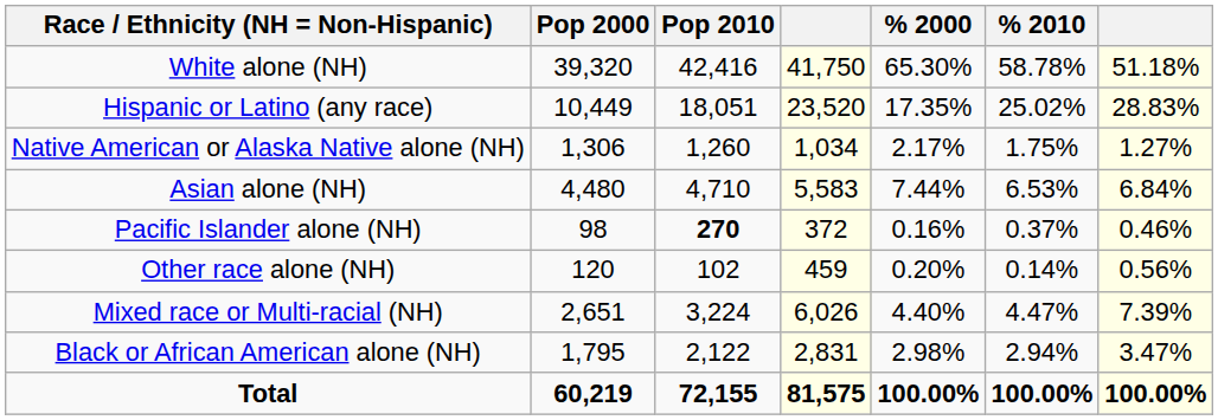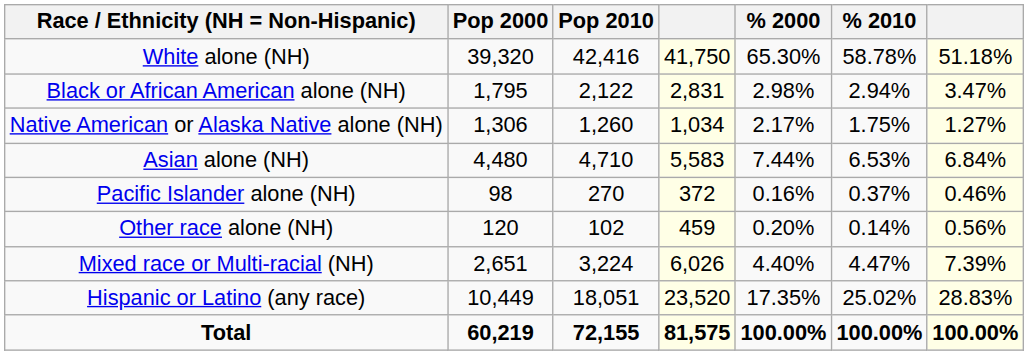 <table class="wikitable" style="text-align:center;">
 <tr>
 <th>Race / Ethnicity (NH = Non-Hispanic)</th>
 <th>Pop 2000</th>
 <th>Pop 2010</th>
 <th></th>
 <th>% 2000</th>
 <th>% 2010</th>
 <th></th>
 </tr>
 <tr>
 <td><a href='#'>White</a> alone (NH)</td>
 <td>39,320</td>
 <td>42,416</td>
 <td style='background: #ffffe6;'>41,750</td>
 <td>65.30%</td>
 <td>58.78%</td>
 <td style='background: #ffffe6;'>51.18%</td>
 </tr>
 <tr>
-<td><a href='#'>Hispanic or Latino</a> (any race)</td>
-<td>10,449</td>
-<td>18,051</td>
-<td style='background: #ffffe6;'>23,520</td>
-<td>17.35%</td>
-<td>25.02%</td>
-<td style='background: #ffffe6;'>28.83%</td>
+<td><a href='#'>Black or African American</a> alone (NH)</td>
+<td>1,795</td>
+<td>2,122</td>
+<td style='background: #ffffe6;'>2,831</td>
+<td>2.98%</td>
+<td>2.94%</td>
+<td style='background: #ffffe6;'>3.47%</td>
 </tr>
 <tr>
 <td><a href='#'>Native American</a> or <a href='#'>Alaska Native</a> alone (NH)</td>
 <td>1,306</td>
 <td>1,260</td>
 <td style='background: #ffffe6;'>1,034</td>
 <td>2.17%</td>
 <td>1.75%</td>
 <td style='background: #ffffe6;'>1.27%</td>
 </tr>
 <tr>
 <td><a href='#'>Asian</a> alone (NH)</td>
 <td>4,480</td>
 <td>4,710</td>
 <td style='background: #ffffe6;'>5,583</td>
 <td>7.44%</td>
 <td>6.53%</td>
 <td style='background: #ffffe6;'>6.84%</td>
 </tr>
 <tr>
 <td><a href='#'>Pacific Islander</a> alone (NH)</td>
 <td>98</td>
-<td><strong>270</strong></td>
+<td>270</td>
 <td style='background: #ffffe6;'>372</td>
 <td>0.16%</td>
 <td>0.37%</td>
 <td style='background: #ffffe6;'>0.46%</td>
 </tr>
 <tr>
 <td><a href='#'>Other race</a> alone (NH)</td>
 <td>120</td>
 <td>102</td>
 <td style='background: #ffffe6;'>459</td>
 <td>0.20%</td>
 <td>0.14%</td>
 <td style='background: #ffffe6;'>0.56%</td>
 </tr>
 <tr>
 <td><a href='#'>Mixed race or Multi-racial</a> (NH)</td>
 <td>2,651</td>
 <td>3,224</td>
 <td style='background: #ffffe6;'>6,026</td>
 <td>4.40%</td>
 <td>4.47%</td>
 <td style='background: #ffffe6;'>7.39%</td>
 </tr>
 <tr>
-<td><a href='#'>Black or African American</a> alone (NH)</td>
-<td>1,795</td>
-<td>2,122</td>
-<td style='background: #ffffe6;'>2,831</td>
-<td>2.98%</td>
-<td>2.94%</td>
-<td style='background: #ffffe6;'>3.47%</td>
+<td><a href='#'>Hispanic or Latino</a> (any race)</td>
+<td>10,449</td>
+<td>18,051</td>
+<td style='background: #ffffe6;'>23,520</td>
+<td>17.35%</td>
+<td>25.02%</td>
+<td style='background: #ffffe6;'>28.83%</td>
 </tr>
 <tr>
 <td><strong>Total</strong></td>
 <td><strong>60,219</strong></td>
 <td><strong>72,155</strong></td>
 <td style='background: #ffffe6;'><strong>81,575</strong></td>
 <td><strong>100.00%</strong></td>
 <td><strong>100.00%</strong></td>
 <td style='background: #ffffe6;'><strong>100.00%</strong></td>
 </tr>
 </table>
